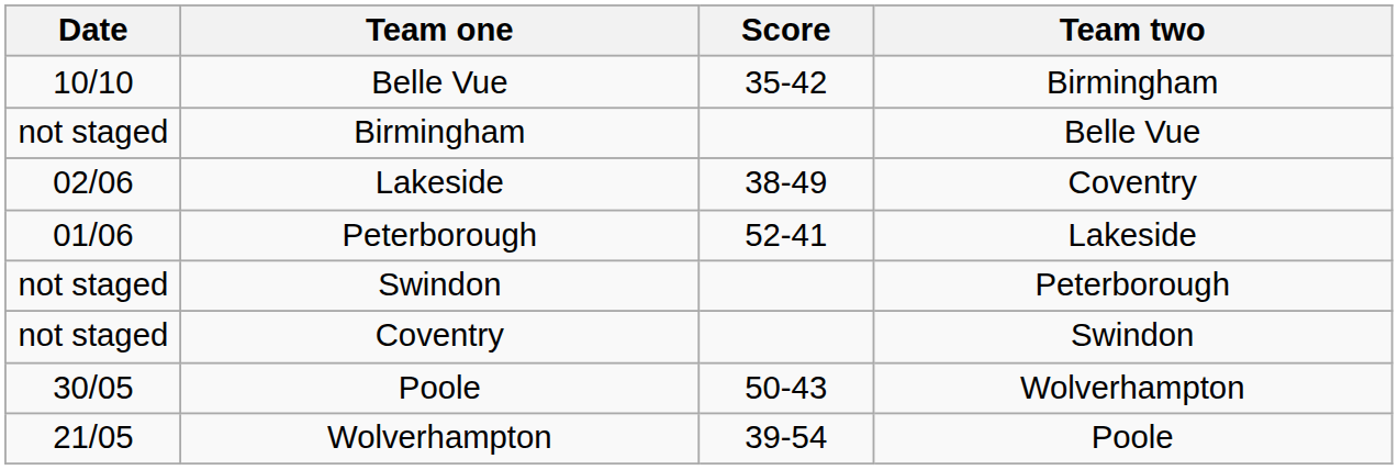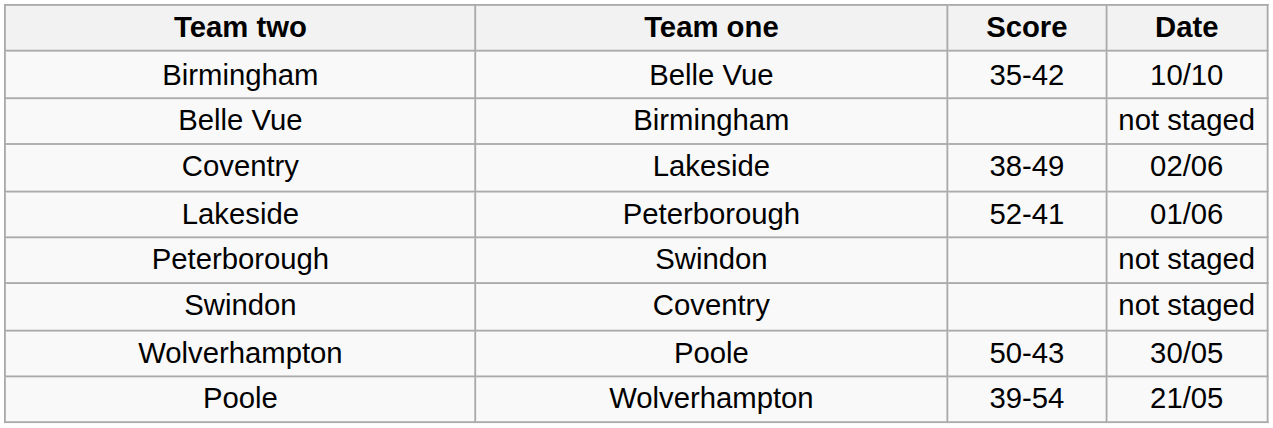 <table class="wikitable" style="text-align: center">
 <tr>
-<th width=80>Date</th>
+<th width=250>Team two</th>
 <th width=250>Team one</th>
 <th width=80>Score</th>
-<th width=250>Team two</th>
+<th width=80>Date</th>
 </tr>
 <tr>
-<td>10/10</td>
+<td>Birmingham</td>
 <td>Belle Vue</td>
 <td>35-42</td>
-<td>Birmingham</td>
+<td>10/10</td>
 </tr>
 <tr>
-<td>not staged</td>
+<td>Belle Vue</td>
 <td>Birmingham</td>
 <td></td>
-<td>Belle Vue</td>
+<td>not staged</td>
 </tr>
 <tr>
-<td>02/06</td>
+<td>Coventry</td>
 <td>Lakeside</td>
 <td>38-49</td>
-<td>Coventry</td>
+<td>02/06</td>
 </tr>
 <tr>
-<td>01/06</td>
+<td>Lakeside</td>
 <td>Peterborough</td>
 <td>52-41</td>
-<td>Lakeside</td>
+<td>01/06</td>
 </tr>
 <tr>
-<td>not staged</td>
+<td>Peterborough</td>
 <td>Swindon</td>
 <td></td>
-<td>Peterborough</td>
+<td>not staged</td>
 </tr>
 <tr>
-<td>not staged</td>
+<td>Swindon</td>
 <td>Coventry</td>
 <td></td>
-<td>Swindon</td>
+<td>not staged</td>
 </tr>
 <tr>
-<td>30/05</td>
+<td>Wolverhampton</td>
 <td>Poole</td>
 <td>50-43</td>
-<td>Wolverhampton</td>
+<td>30/05</td>
 </tr>
 <tr>
-<td>21/05</td>
+<td>Poole</td>
 <td>Wolverhampton</td>
 <td>39-54</td>
-<td>Poole</td>
+<td>21/05</td>
 </tr>
 </table>
